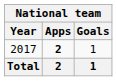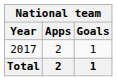 <table class="wikitable" style="text-align:center">
 <tr>
 <th colspan=3>National team</th>
 </tr>
 <tr>
 <th>Year</th>
 <th>Apps</th>
 <th>Goals</th>
 </tr>
 <tr>
 <td>2017</td>
-<td><strong>2</strong></td>
+<td>2</td>
 <td>1</td>
 </tr>
 <tr>
 <th>Total</th>
 <th>2</th>
 <th>1</th>
 </tr>
 </table>
